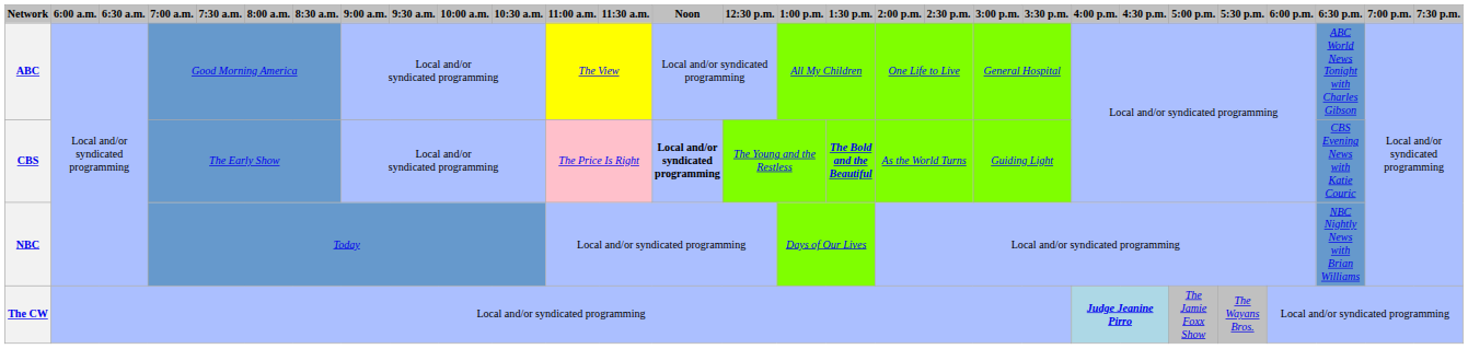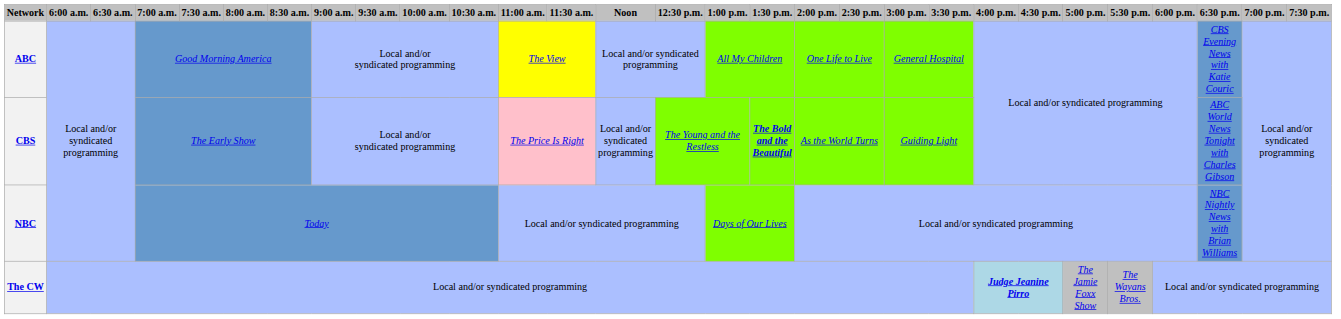 <table class="wikitable sortable" style="width:100%;margin-right:0;font-size:90%;text-align:center">
 <tr>
 <th style="background:#C0C0C0; width:1.5%; text-align:center;">Network</th>
 <th width="4%" style="background:#C0C0C0; text-align:center;">6:00 a.m.</th>
 <th width="4%" style="background:#C0C0C0; text-align:center;">6:30 a.m.</th>
 <th width="4%" style="background:#C0C0C0; text-align:center;">7:00 a.m.</th>
 <th width="4%" style="background:#C0C0C0; text-align:center;">7:30 a.m.</th>
 <th width="4%" style="background:#C0C0C0; text-align:center;">8:00 a.m.</th>
 <th width="4%" style="background:#C0C0C0; text-align:center;">8:30 a.m.</th>
 <th width="4%" style="background:#C0C0C0; text-align:center;">9:00 a.m.</th>
 <th width="4%" style="background:#C0C0C0; text-align:center;">9:30 a.m.</th>
 <th width="4%" style="background:#C0C0C0; text-align:center;">10:00 a.m.</th>
 <th width="4%" style="background:#C0C0C0; text-align:center;">10:30 a.m.</th>
 <th width="4%" style="background:#C0C0C0; text-align:center;">11:00 a.m.</th>
 <th width="4%" style="background:#C0C0C0; text-align:center;">11:30 a.m.</th>
 <th width="4%" style="background:#C0C0C0; text-align:center;">Noon</th>
 <th width="4%" style="background:#C0C0C0; text-align:center;">12:30 p.m.</th>
 <th width="4%" style="background:#C0C0C0; text-align:center;">1:00 p.m.</th>
 <th width="4%" style="background:#C0C0C0; text-align:center;">1:30 p.m.</th>
 <th width="4%" style="background:#C0C0C0; text-align:center;">2:00 p.m.</th>
 <th width="4%" style="background:#C0C0C0; text-align:center;">2:30 p.m.</th>
 <th width="4%" style="background:#C0C0C0; text-align:center;">3:00 p.m.</th>
 <th width="4%" style="background:#C0C0C0; text-align:center;">3:30 p.m.</th>
 <th width="4%" style="background:#C0C0C0; text-align:center;">4:00 p.m.</th>
 <th width="4%" style="background:#C0C0C0; text-align:center;">4:30 p.m.</th>
 <th width="4%" style="background:#C0C0C0; text-align:center;">5:00 p.m.</th>
 <th width="4%" style="background:#C0C0C0; text-align:center;">5:30 p.m.</th>
 <th width="4%" style="background:#C0C0C0; text-align:center;">6:00 p.m.</th>
 <th width="4%" style="background:#C0C0C0; text-align:center;">6:30 p.m.</th>
 <th width="4%" style="background:#C0C0C0; text-align:center;">7:00 p.m.</th>
 <th width="4%" style="background:#C0C0C0; text-align:center;">7:30 p.m.</th>
 </tr>
 <tr>
 <th><a href='#'>ABC</a></th>
 <td colspan="2" rowspan="3" style="background:#abbfff;">Local and/or syndicated programming</td>
 <td colspan="4" style="background: #6699CC;"><em><a href='#'>Good Morning America</a></em></td>
 <td colspan="4" style="background:#abbfff;">Local and/or<br>syndicated programming</td>
 <td colspan="2" style="background:#ffff00;"><em><a href='#'>The View</a></em></td>
 <td colspan="2" style="background:#abbfff;">Local and/or syndicated programming</td>
 <td colspan="2" style="background:chartreuse"><em><a href='#'>All My Children</a></em></td>
 <td colspan="2" style="background:chartreuse"><em><a href='#'>One Life to Live</a></em></td>
 <td colspan="2" style="background: chartreuse"><em><a href='#'>General Hospital</a></em></td>
 <td colspan="5" rowspan="2" style="background:#abbfff;">Local and/or syndicated programming</td>
-<td style="background: #6699CC"><em><a href='#'>ABC World News Tonight with Charles Gibson</a></em></td>
+<td style="background: #6699CC;"><em><a href='#'>CBS Evening News with Katie Couric</a></em></td>
 <td colspan="2" rowspan="3" style="background:#abbfff;">Local and/or syndicated programming</td>
 </tr>
 <tr>
 <th><a href='#'>CBS</a></th>
 <td colspan="4" style="background: #6699CC;"><em><a href='#'>The Early Show</a></em></td>
 <td colspan="4" style="background:#abbfff;">Local and/or<br>syndicated programming</td>
 <td colspan="2" style="background:#ffc0cb;"><em><a href='#'>The Price Is Right</a></em></td>
-<td style="background:#abbfff;"><strong>Local and/or syndicated programming</strong></td>
+<td style="background:#abbfff;">Local and/or syndicated programming</td>
 <td colspan="2" style="background:chartreuse"><em><a href='#'>The Young and the Restless</a></em></td>
 <td style="background:chartreuse"><strong><em><a href='#'>The Bold and the Beautiful</a></em></strong></td>
 <td colspan="2" style="background:chartreuse"><em><a href='#'>As the World Turns</a></em></td>
 <td colspan="2" style="background:chartreuse"><em><a href='#'>Guiding Light</a></em></td>
-<td style="background: #6699CC;"><em><a href='#'>CBS Evening News with Katie Couric</a></em></td>
+<td style="background: #6699CC"><em><a href='#'>ABC World News Tonight with Charles Gibson</a></em></td>
 </tr>
 <tr>
 <th><a href='#'>NBC</a></th>
 <td colspan="8" style="background: #6699CC;"><em><a href='#'>Today</a></em></td>
 <td colspan="4" style="background:#abbfff;">Local and/or syndicated programming</td>
 <td colspan="2" style="background: chartreuse"><em><a href='#'>Days of Our Lives</a></em></td>
 <td colspan="9" style="background:#abbfff;">Local and/or syndicated programming</td>
 <td style="background: #6699CC;"><em><a href='#'>NBC Nightly News with Brian Williams</a></em></td>
 </tr>
 <tr>
 <th><a href='#'>The CW</a></th>
 <td colspan="20" style="background:#abbfff;">Local and/or syndicated programming</td>
 <td bgcolor="lightblue" colspan="2"><strong><em><a href='#'>Judge Jeanine Pirro</a></em></strong></td>
 <td style="background:#C0C0C0;"><em><a href='#'>The Jamie Foxx Show</a></em> </td>
 <td style="background:#C0C0C0;"><em><a href='#'>The Wayans Bros.</a></em> </td>
 <td colspan="4" style="background:#abbfff;">Local and/or syndicated programming</td>
 </tr>
 </table>
